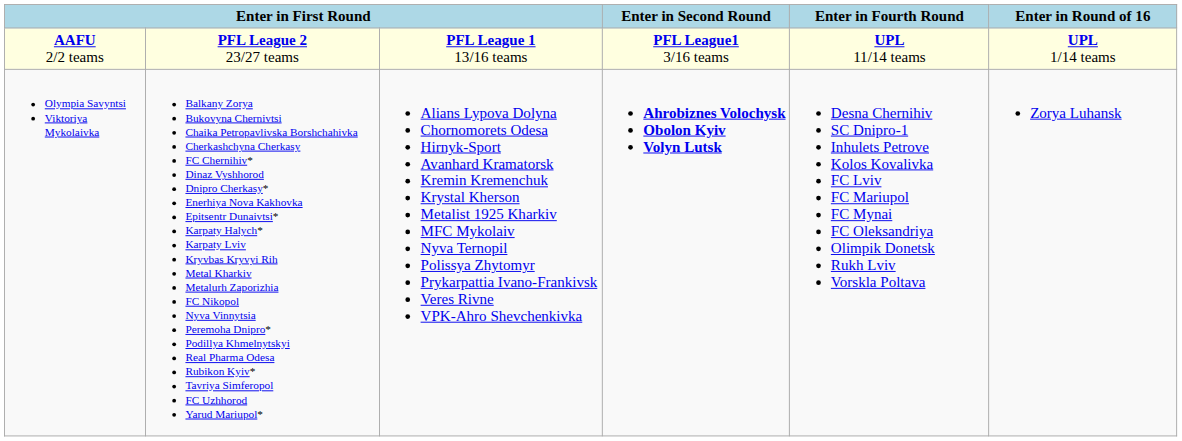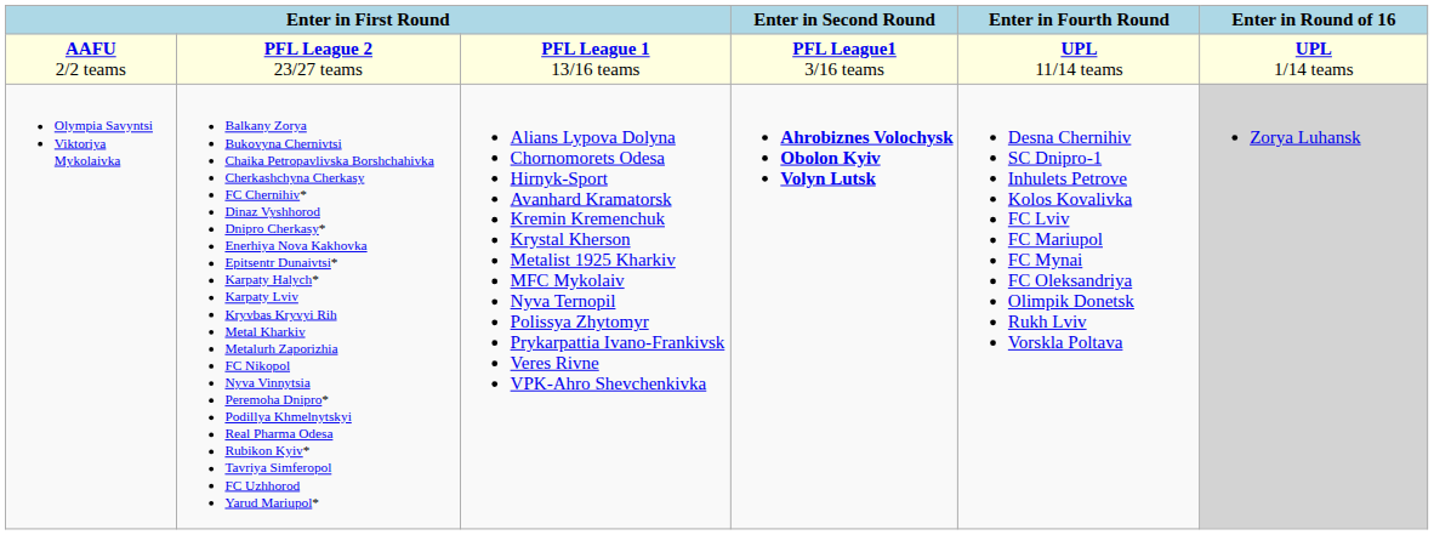 <table class="wikitable">
 <tr style="vertical-align:top; background:lightblue; text-align:center;">
 <td colspan="3" style="width:51%;"><strong>Enter in First Round</strong></td>
 <td style="width:16%;"><strong>Enter in Second Round</strong></td>
 <td style="width:17%;"><strong>Enter in Fourth Round</strong></td>
 <td style="width:16%;"><strong>Enter in Round of 16</strong></td>
 </tr>
 <tr style="vertical-align:top; background:lightyellow;">
 <td style="text-align:center; width:12%;"><strong><a href='#'>AAFU</a></strong><br>2/2 teams</td>
 <td style="text-align:center; width:20%;"><strong><a href='#'>PFL League 2</a></strong><br>23/27 teams</td>
 <td style="text-align:center; width:19%;"><strong><a href='#'>PFL League 1</a></strong><br>13/16 teams</td>
 <td style="text-align:center; width:16%;"><strong><a href='#'>PFL League1</a></strong><br>3/16 teams</td>
 <td style="text-align:center; width:17%;"><strong><a href='#'>UPL</a></strong><br> 11/14 teams</td>
 <td style="text-align:center; width:16%;"><strong><a href='#'>UPL</a></strong><br> 1/14 teams</td>
 </tr>
 <tr valign="top">
 <td style="font-size: 75%;"><br><ul><li><a href='#'>Olympia Savyntsi</a></li><li><a href='#'>Viktoriya Mykolaivka</a></li></ul></td>
 <td style="font-size: 75%;"><br><ul><li><a href='#'>Balkany Zorya</a></li><li><a href='#'>Bukovyna Chernivtsi</a></li><li><a href='#'>Chaika Petropavlivska Borshchahivka</a></li><li><a href='#'>Cherkashchyna Cherkasy</a></li><li><a href='#'>FC Chernihiv</a>*</li><li><a href='#'>Dinaz Vyshhorod</a></li><li><a href='#'>Dnipro Cherkasy</a>*</li><li><a href='#'>Enerhiya Nova Kakhovka</a></li><li><a href='#'>Epitsentr Dunaivtsi</a>*</li><li><a href='#'>Karpaty Halych</a>*</li><li><a href='#'>Karpaty Lviv</a></li><li><a href='#'>Kryvbas Kryvyi Rih</a></li><li><a href='#'>Metal Kharkiv</a></li><li><a href='#'>Metalurh Zaporizhia</a></li><li><a href='#'>FC Nikopol</a></li><li><a href='#'>Nyva Vinnytsia</a></li><li><a href='#'>Peremoha Dnipro</a>*</li><li><a href='#'>Podillya Khmelnytskyi</a></li><li><a href='#'>Real Pharma Odesa</a></li><li><a href='#'>Rubikon Kyiv</a>*</li><li><a href='#'>Tavriya Simferopol</a></li><li><a href='#'>FC Uzhhorod</a></li><li><a href='#'>Yarud Mariupol</a>*</li></ul></td>
 <td><br><ul><li><a href='#'>Alians Lypova Dolyna</a></li><li><a href='#'>Chornomorets Odesa</a></li><li><a href='#'>Hirnyk-Sport</a></li><li><a href='#'>Avanhard Kramatorsk</a></li><li><a href='#'>Kremin Kremenchuk</a></li><li><a href='#'>Krystal Kherson</a></li><li><a href='#'>Metalist 1925 Kharkiv</a></li><li><a href='#'>MFC Mykolaiv</a></li><li><a href='#'>Nyva Ternopil</a></li><li><a href='#'>Polissya Zhytomyr</a></li><li><a href='#'>Prykarpattia Ivano-Frankivsk</a></li><li><a href='#'>Veres Rivne</a></li><li><a href='#'>VPK-Ahro Shevchenkivka</a></li></ul></td>
 <td><strong><br><ul><li><a href='#'>Ahrobiznes Volochysk</a></li><li><a href='#'>Obolon Kyiv</a></li><li><a href='#'>Volyn Lutsk</a></li></ul></strong></td>
 <td><br><ul><li><a href='#'>Desna Chernihiv</a></li><li><a href='#'>SC Dnipro-1</a></li><li><a href='#'>Inhulets Petrove</a></li><li><a href='#'>Kolos Kovalivka</a></li><li><a href='#'>FC Lviv</a></li><li><a href='#'>FC Mariupol</a></li><li><a href='#'>FC Mynai</a></li><li><a href='#'>FC Oleksandriya</a></li><li><a href='#'>Olimpik Donetsk</a></li><li><a href='#'>Rukh Lviv</a></li><li><a href='#'>Vorskla Poltava</a></li></ul></td>
-<td><br><ul><li><a href='#'>Zorya Luhansk</a></li></ul></td>
+<td style="background: lightgrey;"><br><ul><li><a href='#'>Zorya Luhansk</a></li></ul></td>
 </tr>
 </table>
